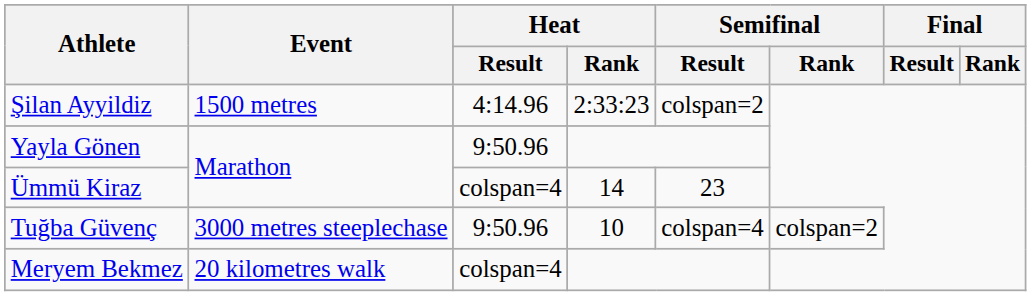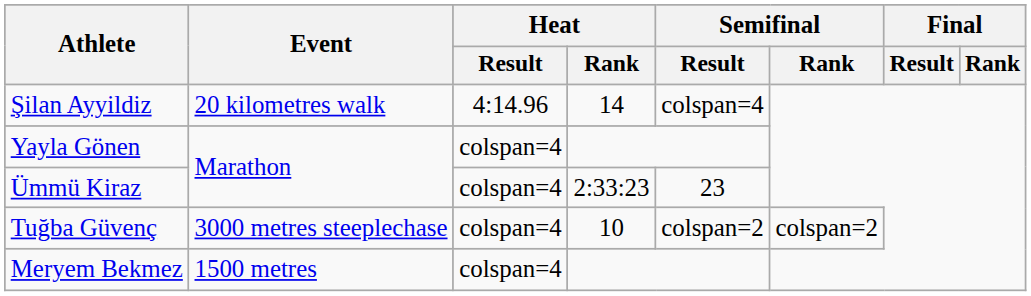 <table class="wikitable" style="font-size:90%">
 <tr>
 <th rowspan="2">Athlete</th>
 <th rowspan="2">Event</th>
 <th colspan="2">Heat</th>
 <th colspan="2">Semifinal</th>
 <th colspan="2">Final</th>
 </tr>
 <tr style="font-size:95%">
 <th>Result</th>
 <th>Rank</th>
 <th>Result</th>
 <th>Rank</th>
 <th>Result</th>
 <th>Rank</th>
 </tr>
 <tr align=center>
 <td align=left><a href='#'>Şilan Ayyildiz</a></td>
-<td align=left><a href='#'>1500 metres</a></td>
+<td align=left><a href='#'>20 kilometres walk</a></td>
 <td>4:14.96</td>
-<td>2:33:23 </td>
-<td>colspan=2</td>
+<td>14</td>
+<td>colspan=4 </td>
 </tr>
 <tr align=center>
 <td align=left><a href='#'>Yayla Gönen</a></td>
 <td align=left rowspan=2><a href='#'>Marathon</a></td>
-<td>9:50.96</td>
+<td>colspan=4</td>
 <td colspan=2></td>
 </tr>
 <tr align=center>
 <td align=left><a href='#'>Ümmü Kiraz</a></td>
 <td>colspan=4</td>
-<td>14</td>
+<td>2:33:23 </td>
 <td>23</td>
 </tr>
 <tr align=center>
 <td align=left><a href='#'>Tuğba Güvenç</a></td>
 <td align=left><a href='#'>3000 metres steeplechase</a></td>
-<td>9:50.96</td>
+<td>colspan=4</td>
 <td>10</td>
-<td>colspan=4 </td>
+<td>colspan=2</td>
 <td>colspan=2 </td>
 </tr>
 <tr align=center>
 <td align=left><a href='#'>Meryem Bekmez</a></td>
-<td align=left><a href='#'>20 kilometres walk</a></td>
+<td align=left><a href='#'>1500 metres</a></td>
 <td>colspan=4</td>
 <td colspan=2></td>
 </tr>
 </table>
